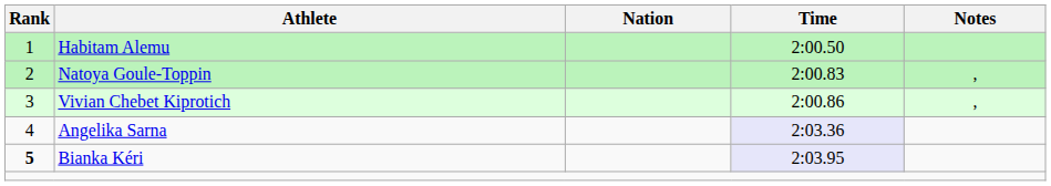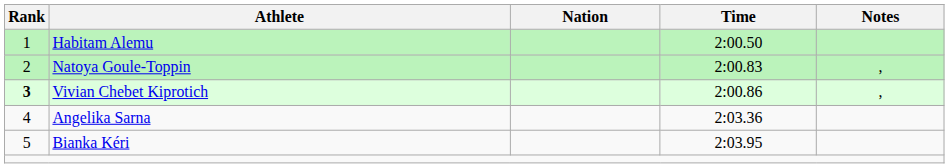 <table class="wikitable sortable" style="text-align:center;width: 60%;">
 <tr>
 <th scope="col" style="width: 10px;">Rank</th>
 <th scope="col">Athlete</th>
 <th scope="col">Nation</th>
 <th scope="col">Time</th>
 <th scope="col">Notes</th>
 </tr>
 <tr bgcolor=bbf3bb>
 <td>1</td>
 <td align=left><a href='#'>Habitam Alemu</a></td>
 <td align=left></td>
 <td>2:00.50</td>
 <td></td>
 </tr>
 <tr bgcolor=bbf3bb>
 <td>2</td>
 <td align=left><a href='#'>Natoya Goule-Toppin</a></td>
 <td align=left></td>
 <td>2:00.83</td>
 <td>, </td>
 </tr>
 <tr bgcolor=ddffdd>
-<td>3</td>
+<td><strong>3</strong></td>
 <td align=left><a href='#'>Vivian Chebet Kiprotich</a></td>
 <td align=left></td>
 <td>2:00.86</td>
 <td>, </td>
 </tr>
 <tr>
 <td>4</td>
 <td align=left><a href='#'>Angelika Sarna</a></td>
 <td align=left></td>
-<td style="background: lavender;">2:03.36</td>
+<td>2:03.36</td>
 <td></td>
 </tr>
 <tr>
-<td><strong>5</strong></td>
+<td>5</td>
 <td align=left><a href='#'>Bianka Kéri</a></td>
 <td align=left></td>
-<td style="background: lavender;">2:03.95</td>
+<td>2:03.95</td>
 <td></td>
 </tr>
 <tr class="sortbottom">
 <td colspan="5"></td>
 </tr>
 </table>
